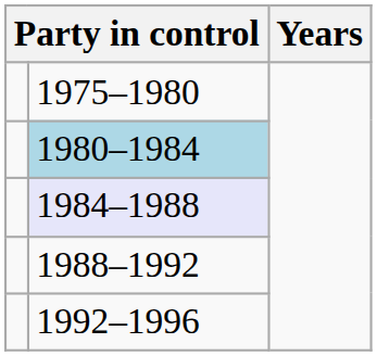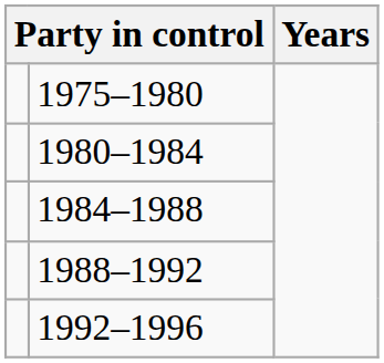 <table class="wikitable">
 <tr>
 <th colspan="2">Party in control</th>
 <th>Years</th>
 </tr>
 <tr>
 <td></td>
 <td>1975–1980</td>
 </tr>
 <tr>
 <td></td>
-<td style="background: lightblue;">1980–1984</td>
+<td>1980–1984</td>
 </tr>
 <tr>
 <td></td>
-<td style="background: lavender;">1984–1988</td>
+<td>1984–1988</td>
 </tr>
 <tr>
 <td></td>
 <td>1988–1992</td>
 </tr>
 <tr>
 <td></td>
 <td>1992–1996</td>
 </tr>
 </table>
